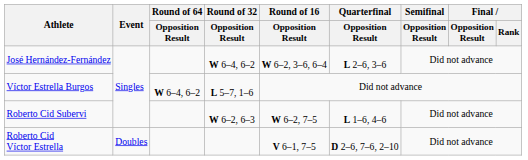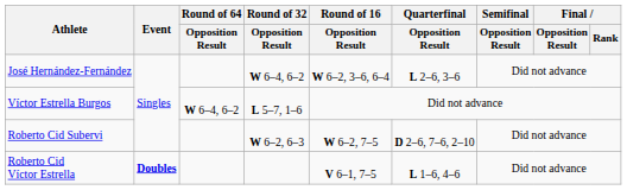 <table class=wikitable style=font-size:90%;text-align:center>
 <tr>
 <th rowspan=2>Athlete</th>
 <th rowspan=2>Event</th>
 <th>Round of 64</th>
 <th>Round of 32</th>
 <th>Round of 16</th>
 <th>Quarterfinal</th>
 <th>Semifinal</th>
 <th colspan=2>Final / </th>
 </tr>
 <tr style=font-size:95%>
 <th>Opposition<br>Result</th>
 <th>Opposition<br>Result</th>
 <th>Opposition<br>Result</th>
 <th>Opposition<br>Result</th>
 <th>Opposition<br>Result</th>
 <th>Opposition<br>Result</th>
 <th>Rank</th>
 </tr>
 <tr>
 <td align=left><a href='#'>José Hernández-Fernández</a></td>
 <td align=left rowspan=3><a href='#'>Singles</a></td>
 <td></td>
 <td><br><strong>W</strong> 6–4, 6–2</td>
 <td><br><strong>W</strong> 6–2, 3–6, 6–4</td>
 <td><br><strong>L</strong> 2–6, 3–6</td>
 <td colspan=3>Did not advance</td>
 </tr>
 <tr>
 <td align=left><a href='#'>Víctor Estrella Burgos</a></td>
 <td><br><strong>W</strong> 6–4, 6–2</td>
 <td><br><strong>L</strong> 5–7, 1–6</td>
 <td colspan=5>Did not advance</td>
 </tr>
 <tr>
 <td align=left><a href='#'>Roberto Cid Subervi</a></td>
 <td></td>
 <td><br><strong>W</strong> 6–2, 6–3</td>
 <td><br><strong>W</strong> 6–2, 7–5</td>
-<td><br><strong>L</strong> 1–6, 4–6</td>
+<td><br><strong>D</strong> 2–6, 7–6, 2–10</td>
 <td colspan=3>Did not advance</td>
 </tr>
 <tr>
 <td align=left><a href='#'>Roberto Cid</a><br><a href='#'>Víctor Estrella</a></td>
-<td align=left><a href='#'>Doubles</a></td>
+<td align=left><strong><a href='#'>Doubles</a></strong></td>
 <td></td>
 <td></td>
 <td><br><strong>V</strong> 6–1, 7–5</td>
-<td><br><strong>D</strong> 2–6, 7–6, 2–10</td>
+<td><br><strong>L</strong> 1–6, 4–6</td>
 <td colspan=3>Did not advance</td>
 </tr>
 </table>
